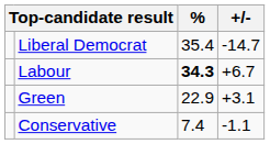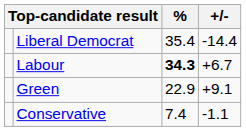 <table class="wikitable">
 <tr>
 <th colspan="2">Top-candidate result</th>
 <th>%</th>
 <th>+/-</th>
 </tr>
 <tr>
 <td style="background-color: "></td>
 <td><a href='#'>Liberal Democrat</a></td>
 <td>35.4</td>
-<td>-14.7</td>
+<td>-14.4</td>
 </tr>
 <tr>
 <td style="background-color: "></td>
 <td><a href='#'>Labour</a></td>
 <td><strong>34.3</strong></td>
 <td>+6.7</td>
 </tr>
 <tr>
 <td style="background-color: "></td>
 <td><a href='#'>Green</a></td>
 <td>22.9</td>
-<td>+3.1</td>
+<td>+9.1</td>
 </tr>
 <tr>
 <td style="background-color: "></td>
 <td><a href='#'>Conservative</a></td>
 <td>7.4</td>
 <td>-1.1</td>
 </tr>
 </table>
